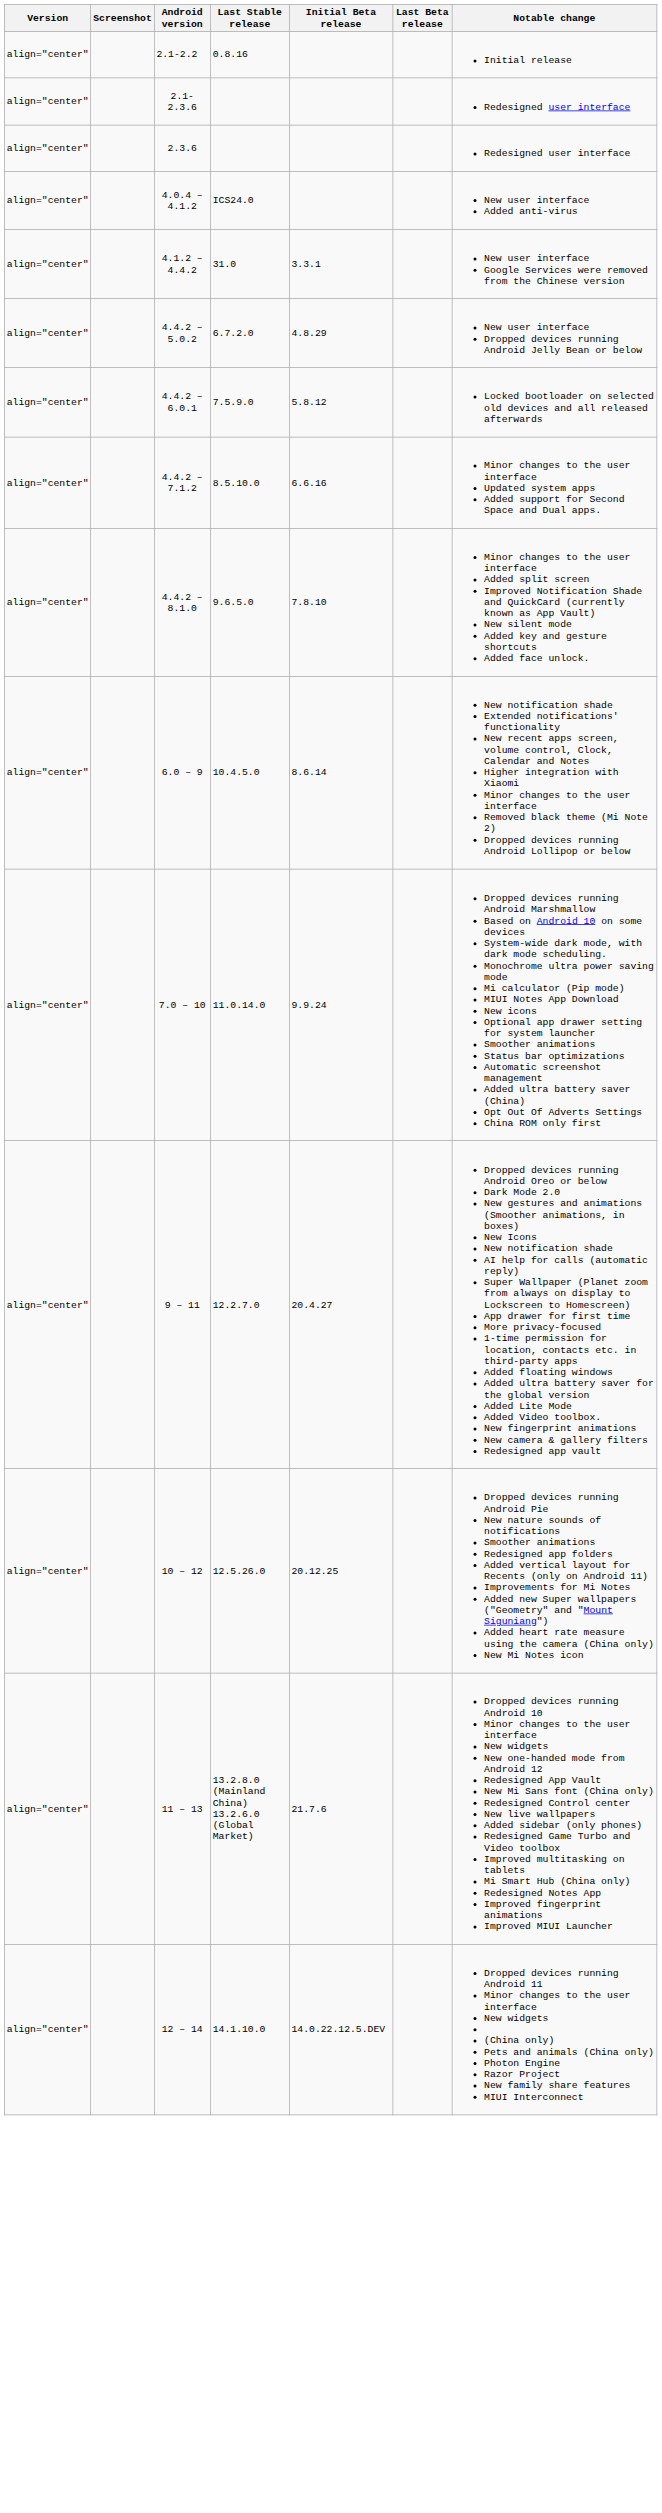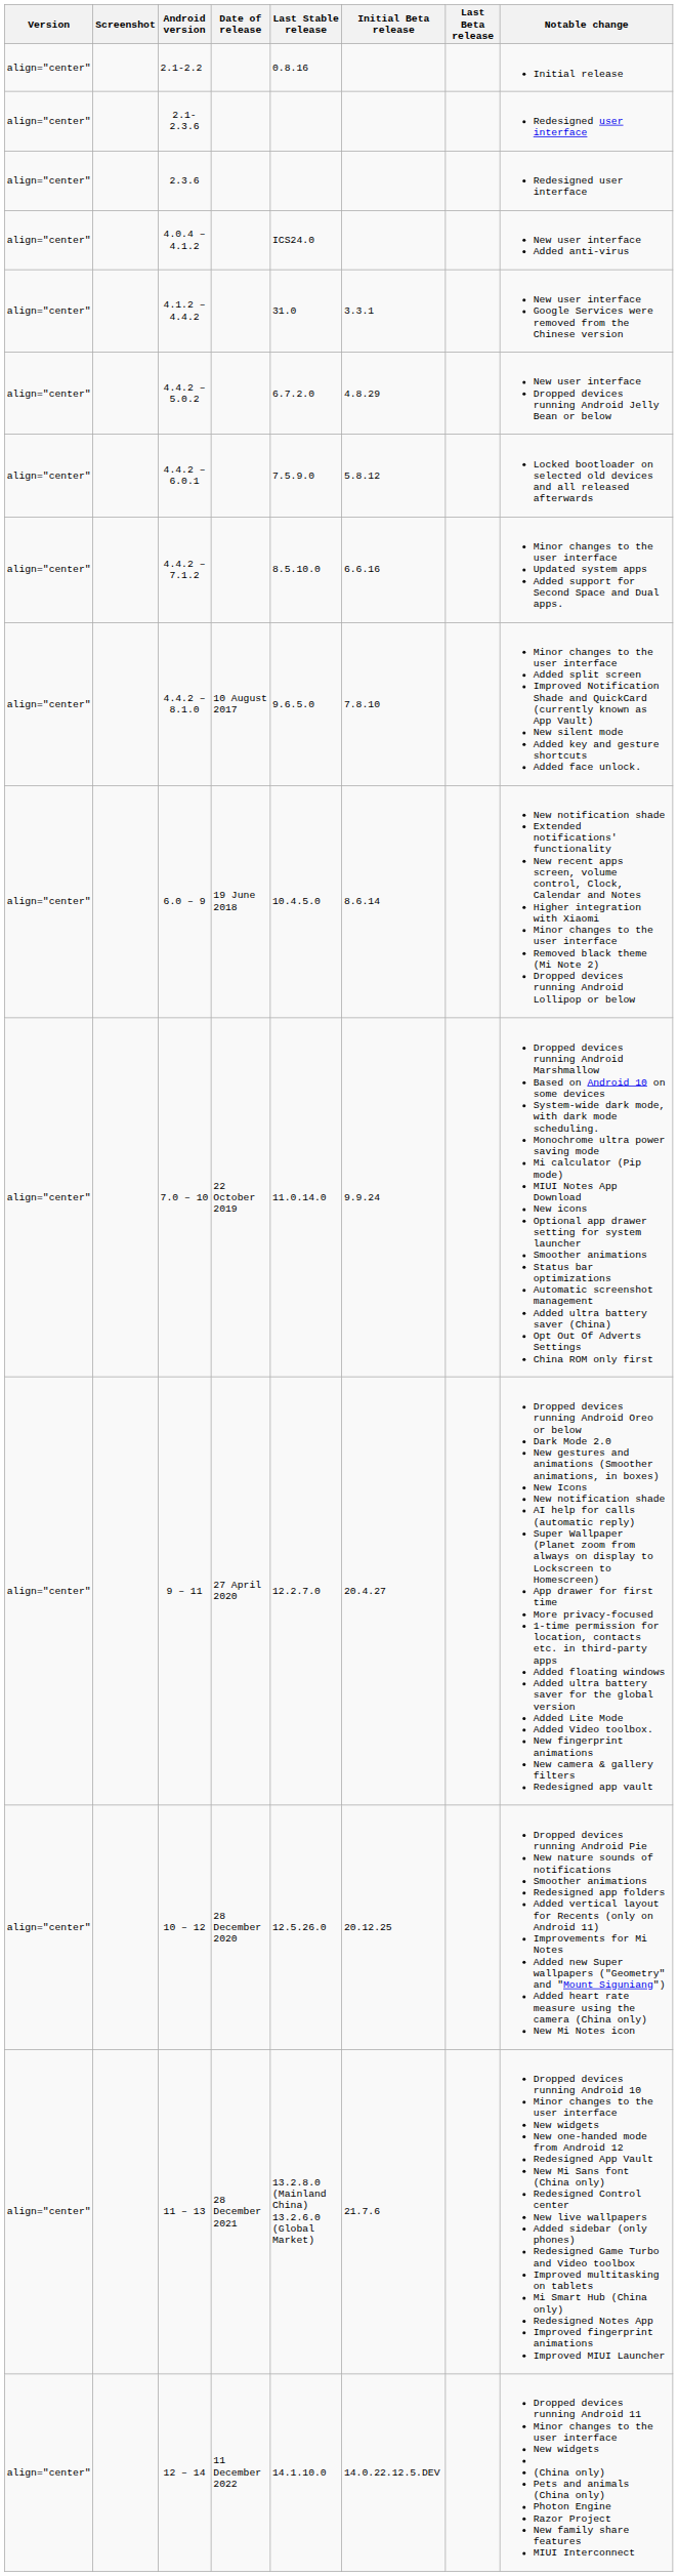 <table class="wikitable sortable mw-collapsible mw-no-collapsible">
 <tr>
 <th>Version</th>
 <th>Screenshot</th>
 <th>Android version</th>
+<th>Date of release</th>
 <th>Last Stable release</th>
 <th>Initial Beta release</th>
 <th>Last Beta release</th>
 <th>Notable change</th>
 </tr>
 <tr>
 <td>align="center" </td>
 <td style="text-align: center;"><br></td>
 <td>2.1-2.2</td>
+<td></td>
 <td>0.8.16</td>
 <td></td>
 <td></td>
 <td><br><ul><li>Initial release</li></ul></td>
 </tr>
 <tr>
 <td>align="center" </td>
 <td style="text-align:center"></td>
 <td style="text-align: center;">2.1-2.3.6 <br></td>
 <td></td>
 <td></td>
 <td></td>
+<td></td>
 <td><br><ul><li>Redesigned <a href='#'>user interface</a></li></ul></td>
 </tr>
 <tr>
 <td>align="center" </td>
 <td></td>
 <td style="text-align: center;">2.3.6</td>
 <td></td>
 <td></td>
 <td></td>
+<td></td>
 <td><br><ul><li>Redesigned user interface</li></ul></td>
 </tr>
 <tr>
 <td>align="center" </td>
 <td></td>
 <td style="text-align: center;">4.0.4 – 4.1.2</td>
+<td></td>
 <td>ICS24.0</td>
 <td></td>
 <td></td>
 <td><br><ul><li>New user interface</li><li>Added anti-virus</li></ul></td>
 </tr>
 <tr>
 <td>align="center" </td>
 <td style="text-align:center"></td>
 <td style="text-align: center;">4.1.2 – 4.4.2</td>
+<td></td>
 <td>31.0</td>
 <td>3.3.1</td>
 <td></td>
 <td><br><ul><li>New user interface</li><li>Google Services were removed from the Chinese version</li></ul></td>
 </tr>
 <tr>
 <td>align="center" </td>
 <td style="text-align:center"></td>
 <td style="text-align: center;">4.4.2 – 5.0.2</td>
+<td></td>
 <td>6.7.2.0</td>
 <td>4.8.29</td>
 <td></td>
 <td><br><ul><li>New user interface</li><li>Dropped devices running Android Jelly Bean or below</li></ul></td>
 </tr>
 <tr>
 <td>align="center" </td>
 <td style="text-align:center"></td>
 <td style="text-align: center;">4.4.2 – 6.0.1</td>
+<td></td>
 <td>7.5.9.0</td>
 <td>5.8.12</td>
 <td></td>
 <td><br><ul><li>Locked bootloader on selected old devices and all released afterwards</li></ul></td>
 </tr>
 <tr>
 <td>align="center" </td>
 <td></td>
 <td style="text-align: center;">4.4.2 – 7.1.2</td>
+<td></td>
 <td>8.5.10.0</td>
 <td>6.6.16</td>
 <td></td>
 <td><br><ul><li>Minor changes to the user interface</li><li>Updated system apps</li><li>Added support for Second Space and Dual apps.</li></ul></td>
 </tr>
 <tr>
 <td>align="center" </td>
 <td></td>
 <td style="text-align: center;">4.4.2 – 8.1.0</td>
+<td>10 August 2017</td>
 <td>9.6.5.0</td>
 <td>7.8.10</td>
 <td></td>
 <td><br><ul><li>Minor changes to the user interface</li><li>Added split screen</li><li>Improved Notification Shade and QuickCard (currently known as App Vault)</li><li>New silent mode</li><li>Added key and gesture shortcuts</li><li>Added face unlock.</li></ul></td>
 </tr>
 <tr>
 <td>align="center" </td>
 <td><br></td>
 <td style="text-align: center;">6.0 – 9</td>
+<td>19 June 2018</td>
 <td>10.4.5.0</td>
 <td>8.6.14</td>
 <td></td>
 <td><br><ul><li>New notification shade</li><li>Extended notifications' functionality</li><li>New recent apps screen, volume control, Clock, Calendar and Notes</li><li>Higher integration with Xiaomi</li><li>Minor changes to the user interface</li><li>Removed black theme (Mi Note 2)</li><li>Dropped devices running Android Lollipop or below</li></ul></td>
 </tr>
 <tr>
 <td>align="center" </td>
 <td></td>
 <td style="text-align: center;">7.0 – 10</td>
+<td>22 October 2019</td>
 <td>11.0.14.0</td>
 <td>9.9.24</td>
 <td></td>
 <td><br><ul><li>Dropped devices running Android Marshmallow</li><li>Based on <a href='#'>Android 10</a> on some devices</li><li>System-wide dark mode, with dark mode scheduling.</li><li>Monochrome ultra power saving mode</li><li>Mi calculator (Pip mode)</li><li>MIUI Notes App Download</li><li>New icons</li><li>Optional app drawer setting for system launcher</li><li>Smoother animations</li><li>Status bar optimizations</li><li>Automatic screenshot management</li><li>Added ultra battery saver (China)</li><li>Opt Out Of Adverts Settings</li><li>China ROM only first</li></ul></td>
 </tr>
 <tr>
 <td>align="center" </td>
 <td></td>
 <td style="text-align: center;">9 – 11</td>
+<td>27 April 2020</td>
 <td>12.2.7.0</td>
 <td>20.4.27</td>
 <td></td>
 <td><br><ul><li>Dropped devices running Android Oreo or below</li><li>Dark Mode 2.0</li><li>New gestures and animations (Smoother animations, in boxes)</li><li>New Icons</li><li>New notification shade</li><li>AI help for calls (automatic reply)</li><li>Super Wallpaper (Planet zoom from always on display to Lockscreen to Homescreen)</li><li>App drawer for first time</li><li>More privacy-focused</li><li>1-time permission for location, contacts etc. in third-party apps</li><li>Added floating windows</li><li>Added ultra battery saver for the global version</li><li>Added Lite Mode</li><li>Added Video toolbox.</li><li>New fingerprint animations</li><li>New camera & gallery filters</li><li>Redesigned app vault</li></ul></td>
 </tr>
 <tr>
 <td>align="center" </td>
 <td></td>
 <td style="text-align: center;">10 – 12</td>
+<td>28 December 2020</td>
 <td>12.5.26.0</td>
 <td>20.12.25</td>
 <td></td>
 <td><br><ul><li>Dropped devices running Android Pie</li><li>New nature sounds of notifications</li><li>Smoother animations</li><li>Redesigned app folders</li><li>Added vertical layout for Recents (only on Android 11)</li><li>Improvements for Mi Notes</li><li>Added new Super wallpapers ("Geometry" and "<a href='#'>Mount Siguniang</a>")</li><li>Added heart rate measure using the camera (China only)</li><li>New Mi Notes icon</li></ul></td>
 </tr>
 <tr>
 <td>align="center" </td>
 <td></td>
 <td style="text-align: center;">11 – 13</td>
+<td>28 December 2021</td>
 <td>13.2.8.0 (Mainland China) <br> 13.2.6.0 (Global Market)</td>
 <td>21.7.6</td>
 <td></td>
 <td><br><ul><li>Dropped devices running Android 10</li><li>Minor changes to the user interface</li><li>New widgets</li><li>New one-handed mode from Android 12</li><li>Redesigned App Vault</li><li>New Mi Sans font (China only)</li><li>Redesigned Control center</li><li>New live wallpapers</li><li>Added sidebar (only phones)</li><li>Redesigned Game Turbo and Video toolbox</li><li>Improved multitasking on tablets</li><li>Mi Smart Hub (China only)</li><li>Redesigned Notes App</li><li>Improved fingerprint animations</li><li>Improved MIUI Launcher</li></ul></td>
 </tr>
 <tr>
 <td>align="center" </td>
 <td></td>
 <td style="text-align: center;">12 – 14</td>
+<td>11 December 2022</td>
 <td>14.1.10.0</td>
 <td>14.0.22.12.5.DEV</td>
 <td></td>
 <td><br><ul><li>Dropped devices running Android 11</li><li>Minor changes to the user interface</li><li>New widgets</li><li></li><li> (China only)</li><li>Pets and animals (China only)</li><li>Photon Engine</li><li>Razor Project</li><li>New family share features</li><li>MIUI Interconnect</li></ul></td>
 </tr>
 </table>
